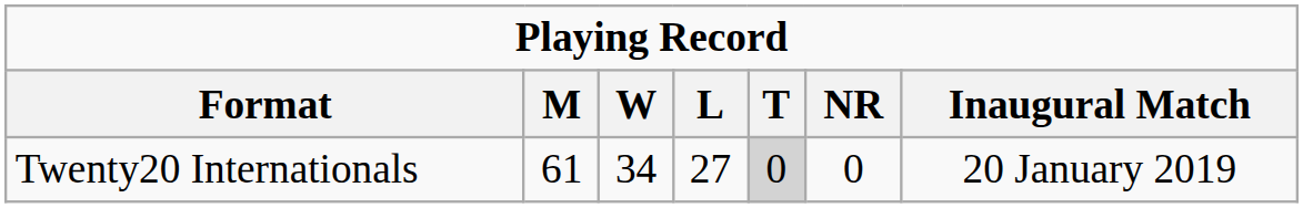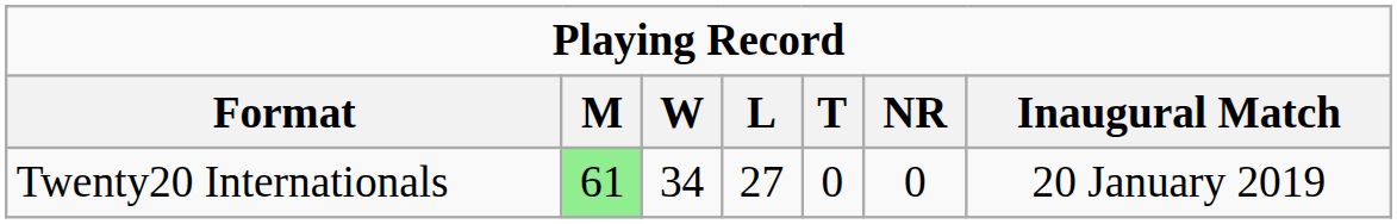 <table class="wikitable" style="text-align: center; width: 500px;">
 <tr>
 <td colspan=7 align="center"><strong>Playing Record</strong></td>
 </tr>
 <tr>
 <th>Format</th>
 <th>M</th>
 <th>W</th>
 <th>L</th>
 <th>T</th>
 <th>NR</th>
 <th>Inaugural Match</th>
 </tr>
 <tr>
 <td align="left">Twenty20 Internationals</td>
-<td>61</td>
+<td style="background: lightgreen;">61</td>
 <td>34</td>
 <td>27</td>
-<td style="background: lightgrey;">0</td>
+<td>0</td>
 <td>0</td>
 <td>20 January 2019</td>
 </tr>
 </table>
